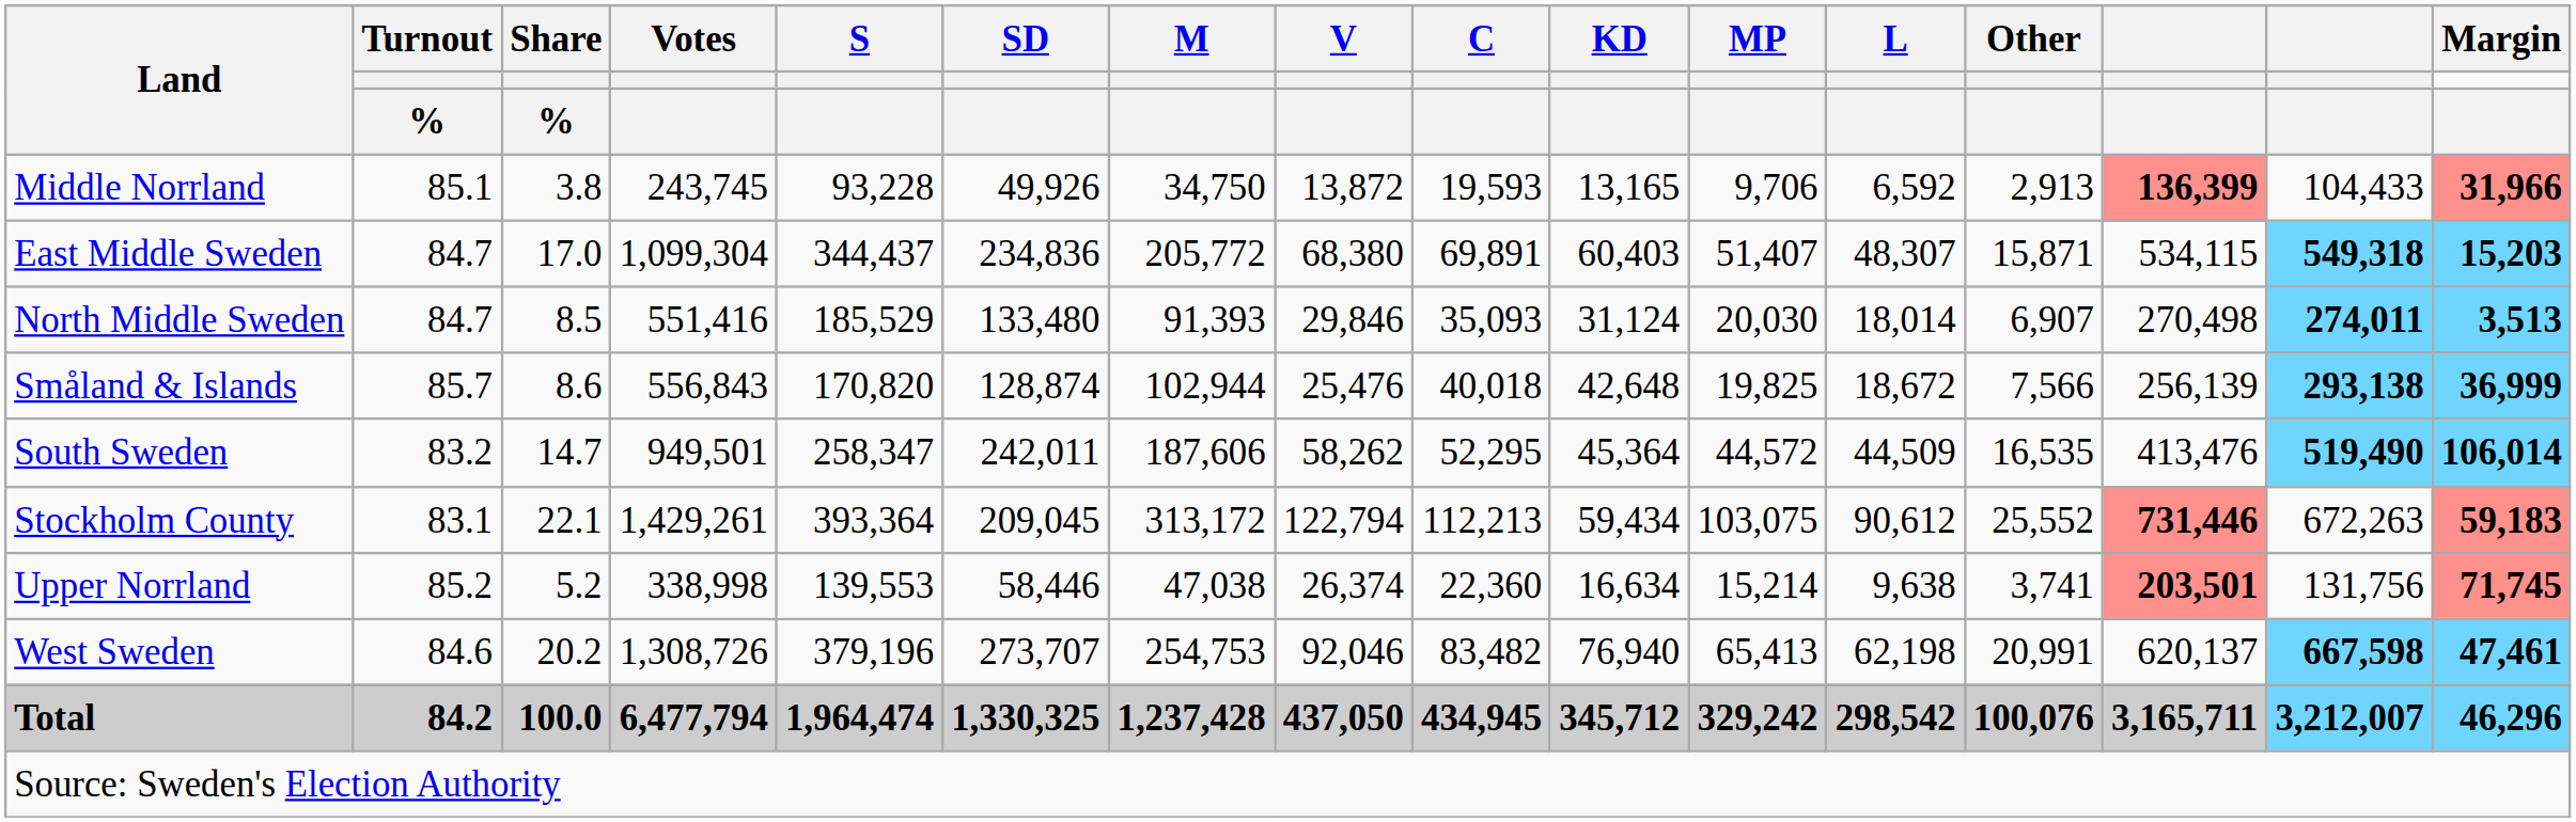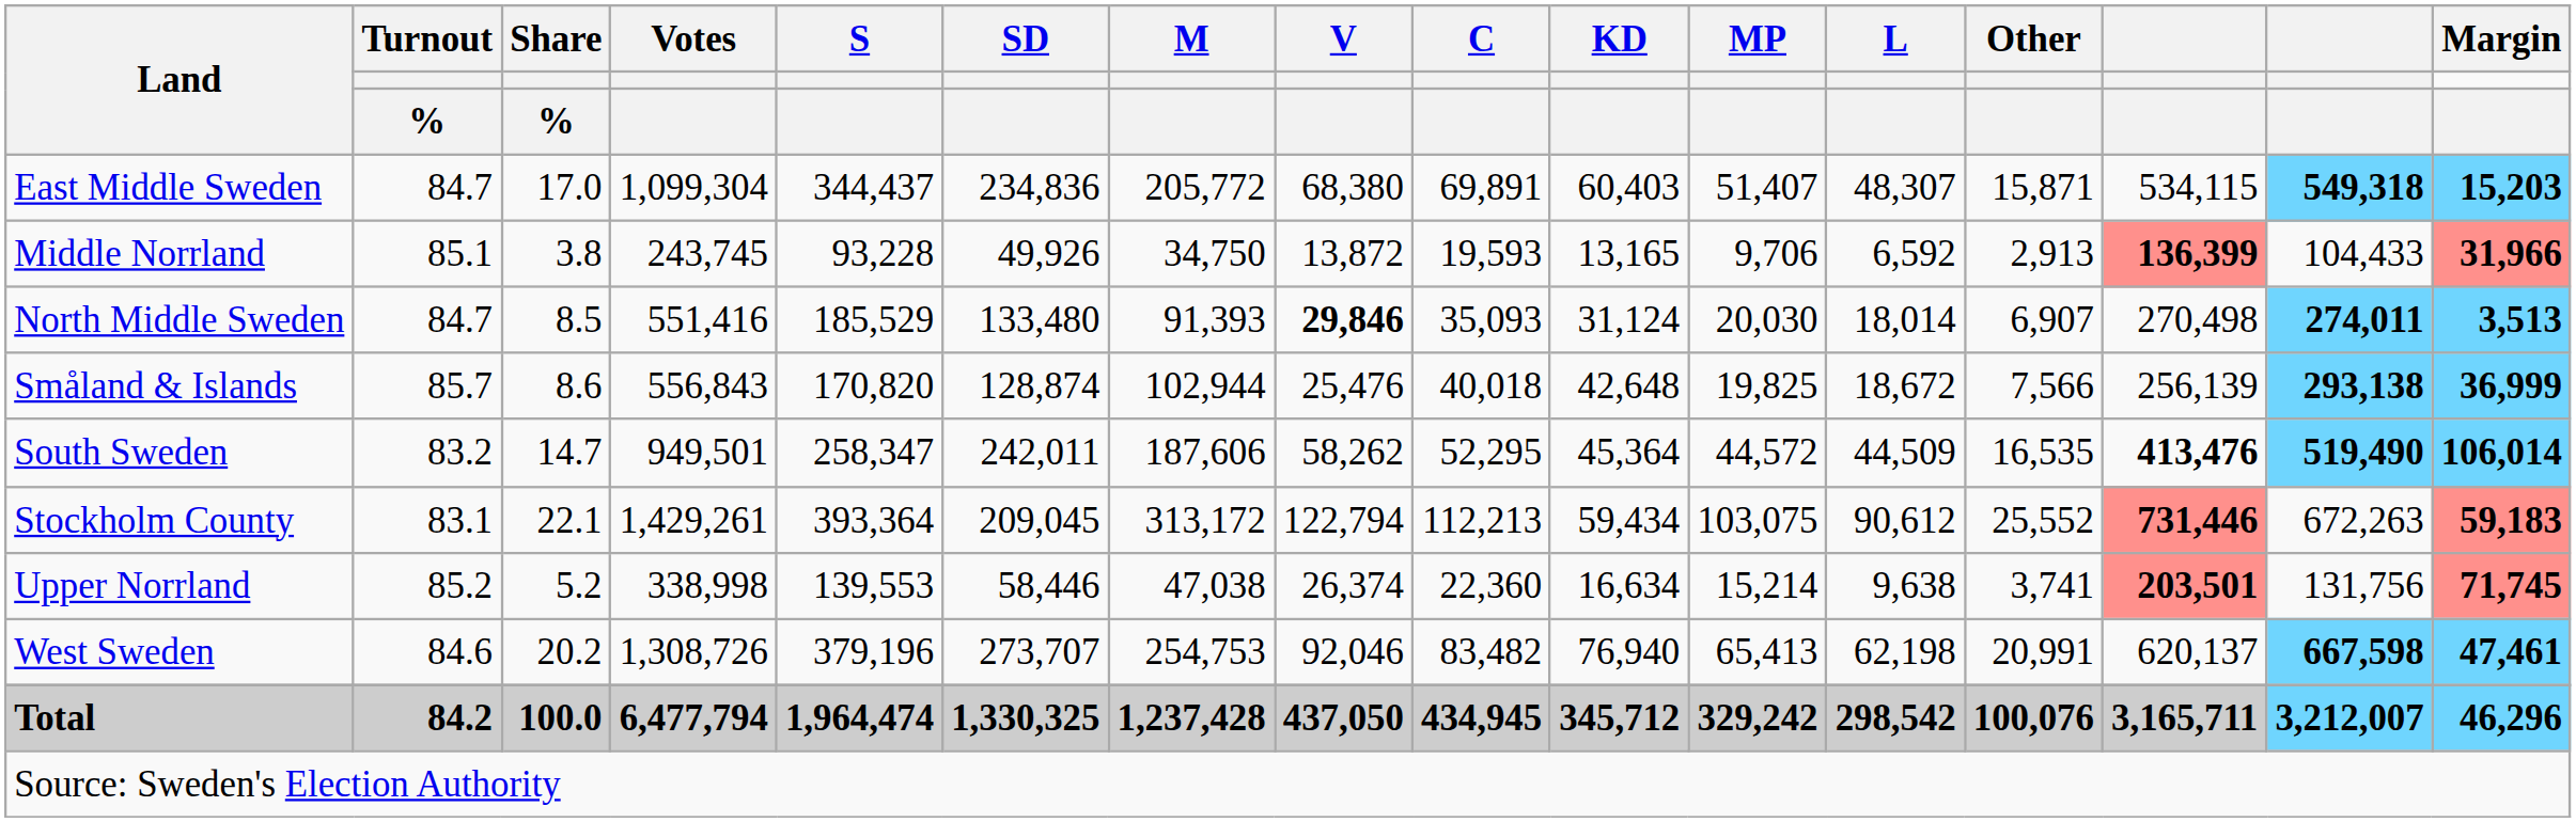 <table class="wikitable sortable" style="text-align:right; font-size:95%; line-height:20px;">
 <tr>
 <th rowspan="3">Land</th>
 <th>Turnout</th>
 <th>Share</th>
 <th>Votes</th>
 <th width="30px" class="unsortable"><a href='#'>S</a></th>
 <th width="30px" class="unsortable"><a href='#'>SD</a></th>
 <th width="30px" class="unsortable"><a href='#'>M</a></th>
 <th width="30px" class="unsortable"><a href='#'>V</a></th>
 <th width="30px" class="unsortable"><a href='#'>C</a></th>
 <th width="30px" class="unsortable"><a href='#'>KD</a></th>
 <th width="30px" class="unsortable"><a href='#'>MP</a></th>
 <th width="30px" class="unsortable"><a href='#'>L</a></th>
 <th width="30px" class="unsortable">Other</th>
 <th></th>
 <th></th>
 <th>Margin</th>
 </tr>
 <tr>
 <th></th>
 <th></th>
 <th></th>
 <th style="background:"></th>
 <th style="background:"></th>
 <th style="background:"></th>
 <th style="background:"></th>
 <th style="background:"></th>
 <th style="background:"></th>
 <th style="background:"></th>
 <th style="background:"></th>
 <th style="background:"></th>
 <th style="background:"></th>
 <th style="background:"></th>
 </tr>
 <tr>
 <th data-sort-type="number">%</th>
 <th data-sort-type="number">%</th>
 <th></th>
 <th data-sort-type="number"></th>
 <th data-sort-type="number"></th>
 <th data-sort-type="number"></th>
 <th data-sort-type="number"></th>
 <th data-sort-type="number"></th>
 <th data-sort-type="number"></th>
 <th data-sort-type="number"></th>
 <th data-sort-type="number"></th>
 <th data-sort-type="number"></th>
 <th data-sort-type="number"></th>
 <th data-sort-type="number"></th>
 <th data-sort-type="number"></th>
 </tr>
 <tr>
+<td align="left"><a href='#'>East Middle Sweden</a></td>
+<td>84.7</td>
+<td>17.0</td>
+<td>1,099,304</td>
+<td>344,437</td>
+<td>234,836</td>
+<td>205,772</td>
+<td>68,380</td>
+<td>69,891</td>
+<td>60,403</td>
+<td>51,407</td>
+<td>48,307</td>
+<td>15,871</td>
+<td>534,115</td>
+<td bgcolor=#6fd5fe><strong>549,318</strong></td>
+<td bgcolor=#6fd5fe><strong>15,203</strong></td>
+</tr>
+<tr>
 <td align="left"><a href='#'>Middle Norrland</a></td>
 <td>85.1</td>
 <td>3.8</td>
 <td>243,745</td>
 <td>93,228</td>
 <td>49,926</td>
 <td>34,750</td>
 <td>13,872</td>
 <td>19,593</td>
 <td>13,165</td>
 <td>9,706</td>
 <td>6,592</td>
 <td>2,913</td>
 <td bgcolor=#ff908c><strong>136,399</strong></td>
 <td>104,433</td>
 <td bgcolor=#ff908c><strong>31,966</strong></td>
 </tr>
 <tr>
-<td align="left"><a href='#'>East Middle Sweden</a></td>
-<td>84.7</td>
-<td>17.0</td>
-<td>1,099,304</td>
-<td>344,437</td>
-<td>234,836</td>
-<td>205,772</td>
-<td>68,380</td>
-<td>69,891</td>
-<td>60,403</td>
-<td>51,407</td>
-<td>48,307</td>
-<td>15,871</td>
-<td>534,115</td>
-<td bgcolor=#6fd5fe><strong>549,318</strong></td>
-<td bgcolor=#6fd5fe><strong>15,203</strong></td>
-</tr>
-<tr>
 <td align="left"><a href='#'>North Middle Sweden</a></td>
 <td>84.7</td>
 <td>8.5</td>
 <td>551,416</td>
 <td>185,529</td>
 <td>133,480</td>
 <td>91,393</td>
-<td>29,846</td>
+<td><strong>29,846</strong></td>
 <td>35,093</td>
 <td>31,124</td>
 <td>20,030</td>
 <td>18,014</td>
 <td>6,907</td>
 <td>270,498</td>
 <td bgcolor=#6fd5fe><strong>274,011</strong></td>
 <td bgcolor=#6fd5fe><strong>3,513</strong></td>
 </tr>
 <tr>
 <td align="left"><a href='#'>Småland & Islands</a></td>
 <td>85.7</td>
 <td>8.6</td>
 <td>556,843</td>
 <td>170,820</td>
 <td>128,874</td>
 <td>102,944</td>
 <td>25,476</td>
 <td>40,018</td>
 <td>42,648</td>
 <td>19,825</td>
 <td>18,672</td>
 <td>7,566</td>
 <td>256,139</td>
 <td bgcolor=#6fd5fe><strong>293,138</strong></td>
 <td bgcolor=#6fd5fe><strong>36,999</strong></td>
 </tr>
 <tr>
 <td align="left"><a href='#'>South Sweden</a></td>
 <td>83.2</td>
 <td>14.7</td>
 <td>949,501</td>
 <td>258,347</td>
 <td>242,011</td>
 <td>187,606</td>
 <td>58,262</td>
 <td>52,295</td>
 <td>45,364</td>
 <td>44,572</td>
 <td>44,509</td>
 <td>16,535</td>
-<td>413,476</td>
+<td><strong>413,476</strong></td>
 <td bgcolor=#6fd5fe><strong>519,490</strong></td>
 <td bgcolor=#6fd5fe><strong>106,014</strong></td>
 </tr>
 <tr>
 <td align="left"><a href='#'>Stockholm County</a></td>
 <td>83.1</td>
 <td>22.1</td>
 <td>1,429,261</td>
 <td>393,364</td>
 <td>209,045</td>
 <td>313,172</td>
 <td>122,794</td>
 <td>112,213</td>
 <td>59,434</td>
 <td>103,075</td>
 <td>90,612</td>
 <td>25,552</td>
 <td bgcolor=#ff908c><strong>731,446</strong></td>
 <td>672,263</td>
 <td bgcolor=#ff908c><strong>59,183</strong></td>
 </tr>
 <tr>
 <td align="left"><a href='#'>Upper Norrland</a></td>
 <td>85.2</td>
 <td>5.2</td>
 <td>338,998</td>
 <td>139,553</td>
 <td>58,446</td>
 <td>47,038</td>
 <td>26,374</td>
 <td>22,360</td>
 <td>16,634</td>
 <td>15,214</td>
 <td>9,638</td>
 <td>3,741</td>
 <td bgcolor=#ff908c><strong>203,501</strong></td>
 <td>131,756</td>
 <td bgcolor=#ff908c><strong>71,745</strong></td>
 </tr>
 <tr>
 <td align="left"><a href='#'>West Sweden</a></td>
 <td>84.6</td>
 <td>20.2</td>
 <td>1,308,726</td>
 <td>379,196</td>
 <td>273,707</td>
 <td>254,753</td>
 <td>92,046</td>
 <td>83,482</td>
 <td>76,940</td>
 <td>65,413</td>
 <td>62,198</td>
 <td>20,991</td>
 <td>620,137</td>
 <td bgcolor=#6fd5fe><strong>667,598</strong></td>
 <td bgcolor=#6fd5fe><strong>47,461</strong></td>
 </tr>
 <tr>
 </tr>
 <tr style="background:#CDCDCD;">
 <td align="left"><strong>Total</strong></td>
 <td><strong>84.2</strong></td>
 <td><strong>100.0</strong></td>
 <td><strong>6,477,794</strong></td>
 <td><strong>1,964,474</strong></td>
 <td><strong>1,330,325</strong></td>
 <td><strong>1,237,428</strong></td>
 <td><strong>437,050</strong></td>
 <td><strong>434,945</strong></td>
 <td><strong>345,712</strong></td>
 <td><strong>329,242</strong></td>
 <td><strong>298,542</strong></td>
 <td><strong>100,076</strong></td>
 <td><strong>3,165,711</strong></td>
 <td bgcolor=#6fd5fe><strong>3,212,007</strong></td>
 <td bgcolor=#6fd5fe><strong>46,296</strong></td>
 </tr>
 <tr>
 <td colspan="16" align="left">Source: Sweden's <a href='#'>Election Authority</a></td>
 </tr>
 </table>
